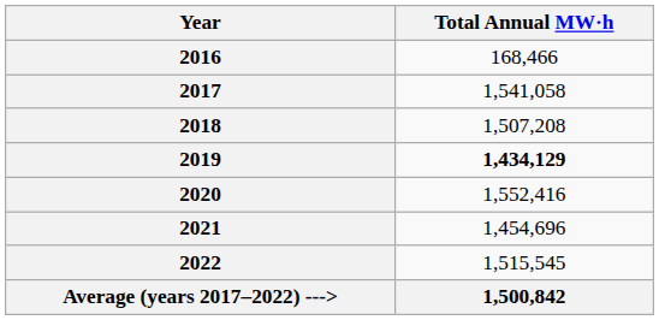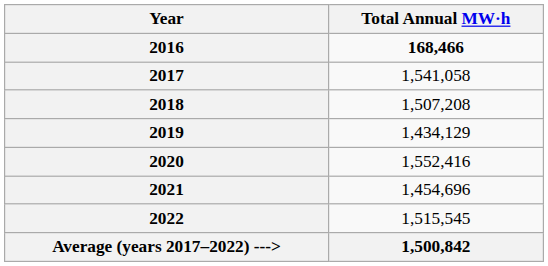 <table class=wikitable style="text-align:center; font-size:0.9em; width:450px;">
 <tr>
 <th>Year</th>
 <th>Total Annual <a href='#'>MW·h</a></th>
 </tr>
 <tr>
 <th>2016</th>
-<td>168,466</td>
+<td><strong>168,466</strong></td>
 </tr>
 <tr>
 <th>2017</th>
 <td>1,541,058</td>
 </tr>
 <tr>
 <th>2018</th>
 <td>1,507,208</td>
 </tr>
 <tr>
 <th>2019</th>
-<td><strong>1,434,129</strong></td>
+<td>1,434,129</td>
 </tr>
 <tr>
 <th>2020</th>
 <td>1,552,416</td>
 </tr>
 <tr>
 <th>2021</th>
 <td>1,454,696</td>
 </tr>
 <tr>
 <th>2022</th>
 <td>1,515,545</td>
 </tr>
 <tr>
 <th>Average (years 2017–2022) ---></th>
 <th>1,500,842</th>
 </tr>
 </table>
